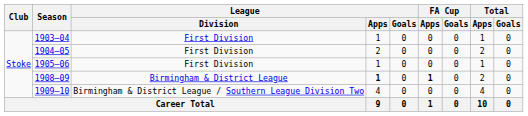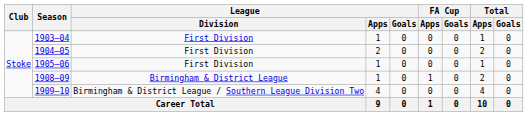 <table class="wikitable" style="text-align: center;">
 <tr>
 <th rowspan="2">Club</th>
 <th rowspan="2">Season</th>
 <th colspan="3">League</th>
 <th colspan="2">FA Cup</th>
 <th colspan="2">Total</th>
 </tr>
 <tr>
 <th>Division</th>
 <th>Apps</th>
 <th>Goals</th>
 <th>Apps</th>
 <th>Goals</th>
 <th>Apps</th>
 <th>Goals</th>
 </tr>
 <tr>
 <td rowspan="5"><a href='#'>Stoke</a></td>
 <td><a href='#'>1903–04</a></td>
 <td><a href='#'>First Division</a></td>
 <td>1</td>
 <td>0</td>
 <td>0</td>
 <td>0</td>
 <td>1</td>
 <td>0</td>
 </tr>
 <tr>
 <td><a href='#'>1904–05</a></td>
 <td>First Division</td>
 <td>2</td>
 <td>0</td>
 <td>0</td>
 <td>0</td>
 <td>2</td>
 <td>0</td>
 </tr>
 <tr>
 <td><a href='#'>1905–06</a></td>
 <td>First Division</td>
 <td>1</td>
 <td>0</td>
 <td>0</td>
 <td>0</td>
 <td>1</td>
 <td>0</td>
 </tr>
 <tr>
 <td><a href='#'>1908–09</a></td>
 <td><a href='#'>Birmingham & District League</a></td>
-<td><strong>1</strong></td>
+<td>1</td>
 <td>0</td>
-<td><strong>1</strong></td>
+<td>1</td>
 <td>0</td>
 <td>2</td>
 <td>0</td>
 </tr>
 <tr>
 <td><a href='#'>1909–10</a></td>
 <td>Birmingham & District League / <a href='#'>Southern League Division Two</a></td>
 <td>4</td>
 <td>0</td>
 <td>0</td>
 <td>0</td>
 <td>4</td>
 <td>0</td>
 </tr>
 <tr>
 <th colspan="3">Career Total</th>
 <th>9</th>
 <th>0</th>
 <th>1</th>
 <th>0</th>
 <th>10</th>
 <th>0</th>
 </tr>
 </table>
